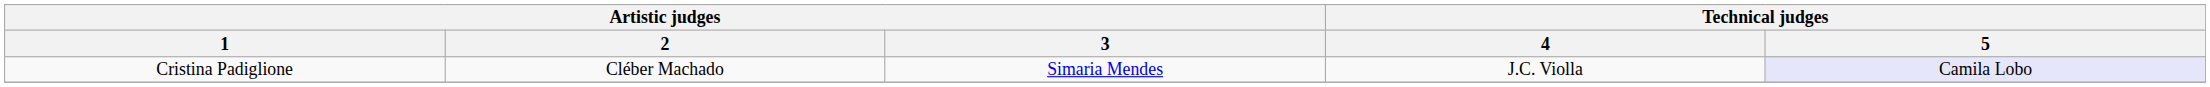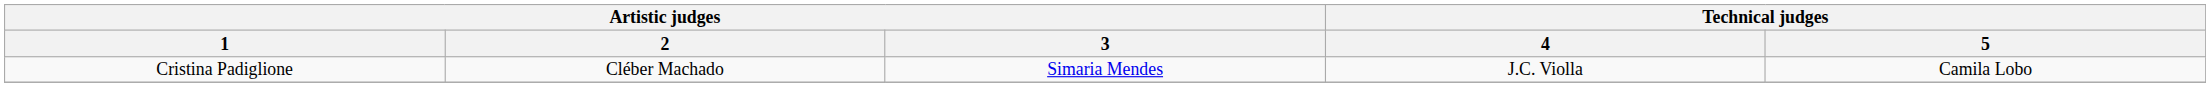 <table class="wikitable" style="font-size:100%; line-height:16px; text-align:center" width="100%">
 <tr TBA>
 <th colspan=3>Artistic judges</th>
 <th colspan=2>Technical judges</th>
 </tr>
 <tr>
 <th width="20.0%">1</th>
 <th width="20.0%">2</th>
 <th width="20.0%">3</th>
 <th width="20.0%">4</th>
 <th width="20.0%">5</th>
 </tr>
 <tr>
 <td>Cristina Padiglione</td>
 <td>Cléber Machado</td>
 <td><a href='#'>Simaria Mendes</a></td>
 <td>J.C. Violla</td>
-<td style="background: lavender;">Camila Lobo</td>
+<td>Camila Lobo</td>
 </tr>
 <tr>
 </tr>
 </table>
